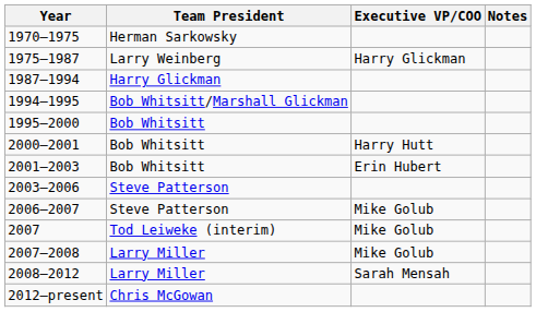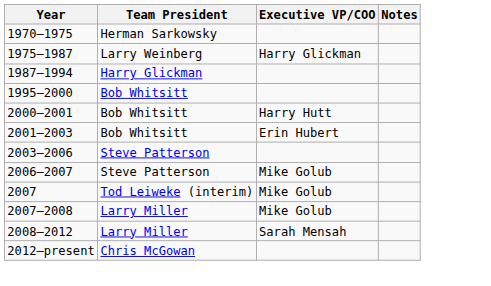 <table class="wikitable" border="1">
 <tr>
 <th>Year</th>
 <th>Team President</th>
 <th>Executive VP/COO</th>
 <th>Notes</th>
 </tr>
 <tr>
 <td>1970–1975</td>
 <td>Herman Sarkowsky</td>
 <td></td>
 <td></td>
 </tr>
 <tr>
 <td>1975–1987</td>
 <td>Larry Weinberg</td>
 <td>Harry Glickman</td>
 <td></td>
 </tr>
 <tr>
 <td>1987–1994</td>
 <td><a href='#'>Harry Glickman</a></td>
-<td></td>
-<td></td>
-</tr>
-<tr>
-<td>1994–1995</td>
-<td><a href='#'>Bob Whitsitt</a>/<a href='#'>Marshall Glickman</a></td>
 <td></td>
 <td></td>
 </tr>
 <tr>
 <td>1995–2000</td>
 <td><a href='#'>Bob Whitsitt</a></td>
 <td></td>
 <td></td>
 </tr>
 <tr>
 <td>2000–2001</td>
 <td>Bob Whitsitt</td>
 <td>Harry Hutt</td>
 <td></td>
 </tr>
 <tr>
 <td>2001–2003</td>
 <td>Bob Whitsitt</td>
 <td>Erin Hubert</td>
 <td></td>
 </tr>
 <tr>
 <td>2003–2006</td>
 <td><a href='#'>Steve Patterson</a></td>
 <td></td>
 </tr>
 <tr>
 <td>2006–2007</td>
 <td>Steve Patterson</td>
 <td>Mike Golub</td>
 <td></td>
 </tr>
 <tr>
 <td>2007</td>
 <td><a href='#'>Tod Leiweke</a> (interim)</td>
 <td>Mike Golub</td>
 <td></td>
 </tr>
 <tr>
 <td>2007–2008</td>
 <td><a href='#'>Larry Miller</a></td>
 <td>Mike Golub</td>
 </tr>
 <tr>
 <td>2008–2012</td>
 <td><a href='#'>Larry Miller</a></td>
 <td>Sarah Mensah</td>
 <td></td>
 </tr>
 <tr>
 <td>2012–present</td>
 <td><a href='#'>Chris McGowan</a></td>
 <td></td>
 </tr>
 </table>
